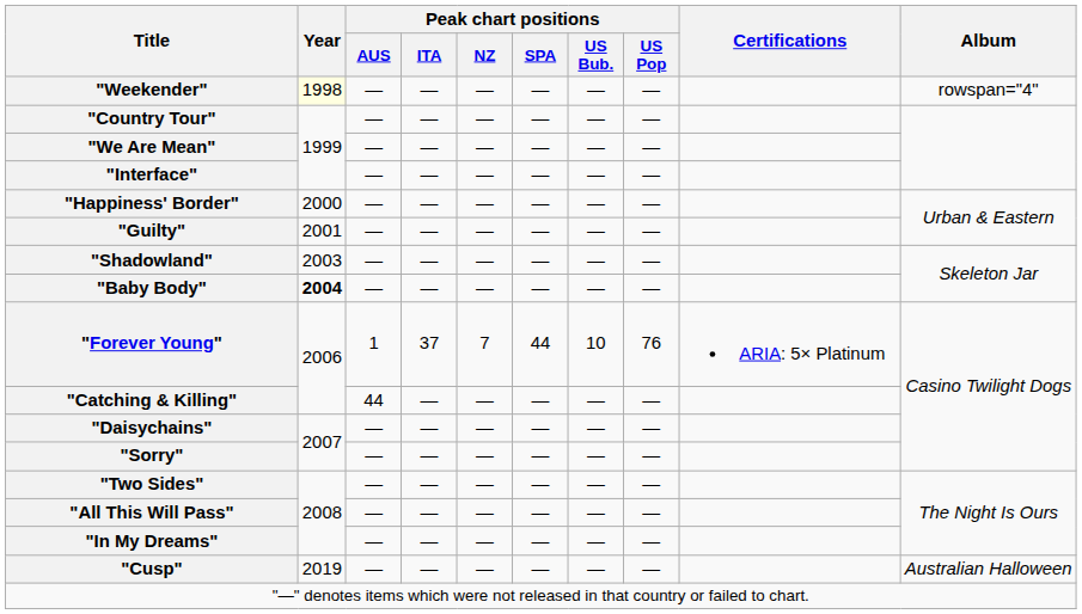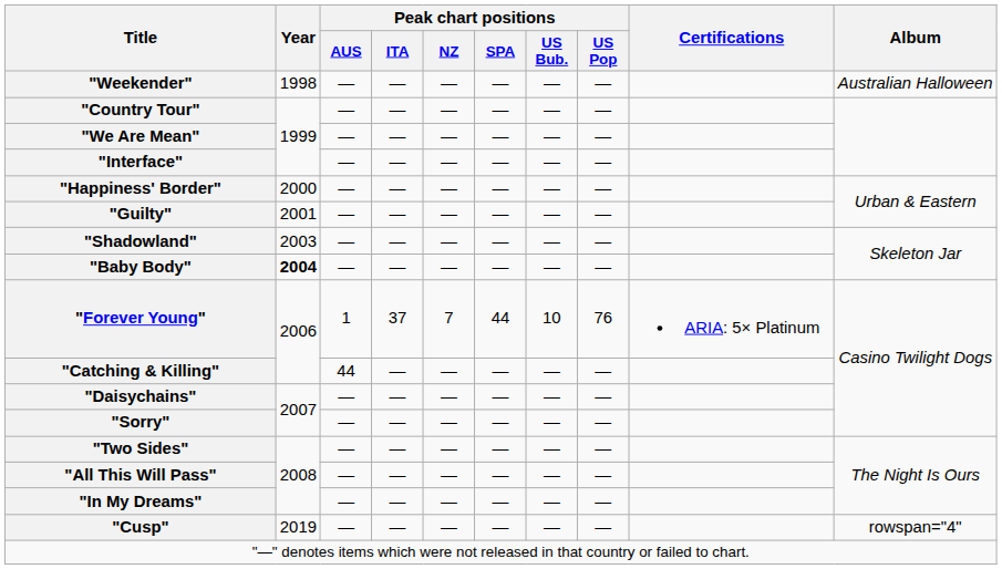 <table class="wikitable plainrowheaders" style="text-align:center;" border="1">
 <tr>
 <th scope="col" rowspan="2" style="width:16em;">Title</th>
 <th scope="col" rowspan="2">Year</th>
 <th scope="col" colspan="6">Peak chart positions</th>
 <th scope="col" rowspan="2" style="width:12em;"><a href='#'>Certifications</a></th>
 <th scope="col" rowspan="2">Album</th>
 </tr>
 <tr>
 <th scope="col" style="width:3em;font-size:90%;"><a href='#'>AUS</a><br></th>
 <th scope="col" style="width:3em;font-size:90%;"><a href='#'>ITA</a><br></th>
 <th scope="col" style="width:3em;font-size:90%;"><a href='#'>NZ</a><br></th>
 <th scope="col" style="width:3em;font-size:90%;"><a href='#'>SPA</a><br></th>
 <th scope="col" style="width:3em;font-size:90%;"><a href='#'>US<br>Bub.</a><br></th>
 <th scope="col" style="width:3em;font-size:90%;"><a href='#'>US<br>Pop</a><br></th>
 </tr>
 <tr>
 <th scope="row">"Weekender"</th>
-<td style="background: lightyellow;">1998</td>
+<td>1998</td>
 <td>—</td>
 <td>—</td>
 <td>—</td>
 <td>—</td>
 <td>—</td>
 <td>—</td>
 <td></td>
-<td>rowspan="4" </td>
+<td><em>Australian Halloween</em></td>
 </tr>
 <tr>
 <th scope="row">"Country Tour"</th>
 <td rowspan="3">1999</td>
 <td>—</td>
 <td>—</td>
 <td>—</td>
 <td>—</td>
 <td>—</td>
 <td>—</td>
 <td></td>
 </tr>
 <tr>
 <th scope="row">"We Are Mean"</th>
 <td>—</td>
 <td>—</td>
 <td>—</td>
 <td>—</td>
 <td>—</td>
 <td>—</td>
 <td></td>
 </tr>
 <tr>
 <th scope="row">"Interface"</th>
 <td>—</td>
 <td>—</td>
 <td>—</td>
 <td>—</td>
 <td>—</td>
 <td>—</td>
 <td></td>
 </tr>
 <tr>
 <th scope="row">"Happiness' Border"</th>
 <td>2000</td>
 <td>—</td>
 <td>—</td>
 <td>—</td>
 <td>—</td>
 <td>—</td>
 <td>—</td>
 <td></td>
 <td rowspan="2"><em>Urban & Eastern</em></td>
 </tr>
 <tr>
 <th scope="row">"Guilty"</th>
 <td>2001</td>
 <td>—</td>
 <td>—</td>
 <td>—</td>
 <td>—</td>
 <td>—</td>
 <td>—</td>
 <td></td>
 </tr>
 <tr>
 <th scope="row">"Shadowland"</th>
 <td>2003</td>
 <td>—</td>
 <td>—</td>
 <td>—</td>
 <td>—</td>
 <td>—</td>
 <td>—</td>
 <td></td>
 <td rowspan="2"><em>Skeleton Jar</em></td>
 </tr>
 <tr>
 <th scope="row">"Baby Body"</th>
 <td><strong>2004</strong></td>
 <td>—</td>
 <td>—</td>
 <td>—</td>
 <td>—</td>
 <td>—</td>
 <td>—</td>
 <td></td>
 </tr>
 <tr>
 <th scope="row">"<a href='#'>Forever Young</a>"</th>
 <td rowspan="2">2006</td>
 <td>1</td>
 <td>37</td>
 <td>7</td>
 <td>44</td>
 <td>10</td>
 <td>76</td>
 <td><br><ul><li><a href='#'>ARIA</a>: 5× Platinum</li></ul></td>
 <td rowspan="4"><em>Casino Twilight Dogs</em></td>
 </tr>
 <tr>
 <th scope="row">"Catching & Killing"</th>
 <td>44</td>
 <td>—</td>
 <td>—</td>
 <td>—</td>
 <td>—</td>
 <td>—</td>
 <td></td>
 </tr>
 <tr>
 <th scope="row">"Daisychains"</th>
 <td rowspan="2">2007</td>
 <td>—</td>
 <td>—</td>
 <td>—</td>
 <td>—</td>
 <td>—</td>
 <td>—</td>
 <td></td>
 </tr>
 <tr>
 <th scope="row">"Sorry"</th>
 <td>—</td>
 <td>—</td>
 <td>—</td>
 <td>—</td>
 <td>—</td>
 <td>—</td>
 <td></td>
 </tr>
 <tr>
 <th scope="row">"Two Sides"</th>
 <td rowspan="3">2008</td>
 <td>—</td>
 <td>—</td>
 <td>—</td>
 <td>—</td>
 <td>—</td>
 <td>—</td>
 <td></td>
 <td rowspan="3"><em>The Night Is Ours</em></td>
 </tr>
 <tr>
 <th scope="row">"All This Will Pass"</th>
 <td>—</td>
 <td>—</td>
 <td>—</td>
 <td>—</td>
 <td>—</td>
 <td>—</td>
 <td></td>
 </tr>
 <tr>
 <th scope="row">"In My Dreams"</th>
 <td>—</td>
 <td>—</td>
 <td>—</td>
 <td>—</td>
 <td>—</td>
 <td>—</td>
 <td></td>
 </tr>
 <tr>
 <th scope="row">"Cusp"</th>
 <td>2019</td>
 <td>—</td>
 <td>—</td>
 <td>—</td>
 <td>—</td>
 <td>—</td>
 <td>—</td>
 <td></td>
-<td><em>Australian Halloween</em></td>
+<td>rowspan="4" </td>
 </tr>
 <tr>
 <td colspan="10" style="font-size:90%">"—" denotes items which were not released in that country or failed to chart.</td>
 </tr>
 </table>
